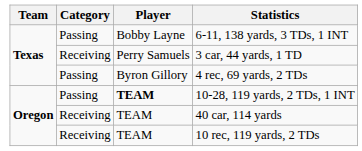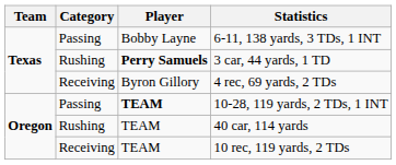 <table class="wikitable" style="float: right;">
 <tr>
 <th>Team</th>
 <th>Category</th>
 <th>Player</th>
 <th>Statistics</th>
 </tr>
 <tr>
 <td rowspan=3><strong>Texas</strong></td>
 <td>Passing</td>
 <td>Bobby Layne</td>
 <td>6-11, 138 yards, 3 TDs, 1 INT</td>
 </tr>
 <tr>
-<td>Receiving</td>
-<td>Perry Samuels</td>
+<td>Rushing</td>
+<td><strong>Perry Samuels</strong></td>
 <td>3 car, 44 yards, 1 TD</td>
 </tr>
 <tr>
-<td>Passing</td>
+<td>Receiving</td>
 <td>Byron Gillory</td>
 <td>4 rec, 69 yards, 2 TDs</td>
 </tr>
 <tr>
 <td rowspan=3><strong>Oregon</strong></td>
 <td>Passing</td>
 <td><strong>TEAM</strong></td>
 <td>10-28, 119 yards, 2 TDs, 1 INT</td>
 </tr>
 <tr>
-<td>Receiving</td>
+<td>Rushing</td>
 <td>TEAM</td>
 <td>40 car, 114 yards</td>
 </tr>
 <tr>
 <td>Receiving</td>
 <td>TEAM</td>
 <td>10 rec, 119 yards, 2 TDs</td>
 </tr>
 </table>
